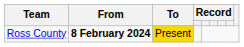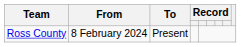 <table class=wikitable style="text-align: left">
 <tr>
 <th rowspan=2>Team</th>
 <th rowspan=2>From</th>
 <th rowspan=2>To</th>
 <th colspan=5>Record</th>
 <th rowspan=2></th>
 </tr>
 <tr>
 <th></th>
 <th></th>
 <th></th>
 <th></th>
 <th></th>
 </tr>
 <tr>
 <td><a href='#'>Ross County</a></td>
-<td><strong>8 February 2024</strong></td>
-<td style="background: gold;">Present<br></td>
+<td>8 February 2024</td>
+<td>Present<br></td>
 <td></td>
 </tr>
 </table>
